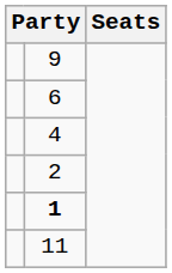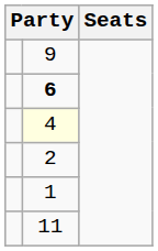 <table class="wikitable" style="font-size: 95%;">
 <tr>
 <th colspan=2>Party</th>
 <th>Seats</th>
 </tr>
 <tr>
 <td></td>
 <td align="center">9</td>
 </tr>
 <tr>
 <td></td>
-<td align="center">6</td>
+<td align="center"><strong>6</strong></td>
 </tr>
 <tr>
 <td></td>
-<td align="center">4</td>
+<td align="center" style="background: lightyellow;">4</td>
 </tr>
 <tr>
 <td></td>
 <td align="center">2</td>
 </tr>
 <tr>
 <td></td>
-<td align="center"><strong>1</strong></td>
+<td align="center">1</td>
 </tr>
 <tr>
 <td></td>
 <td align="center">11</td>
 </tr>
 </table>
